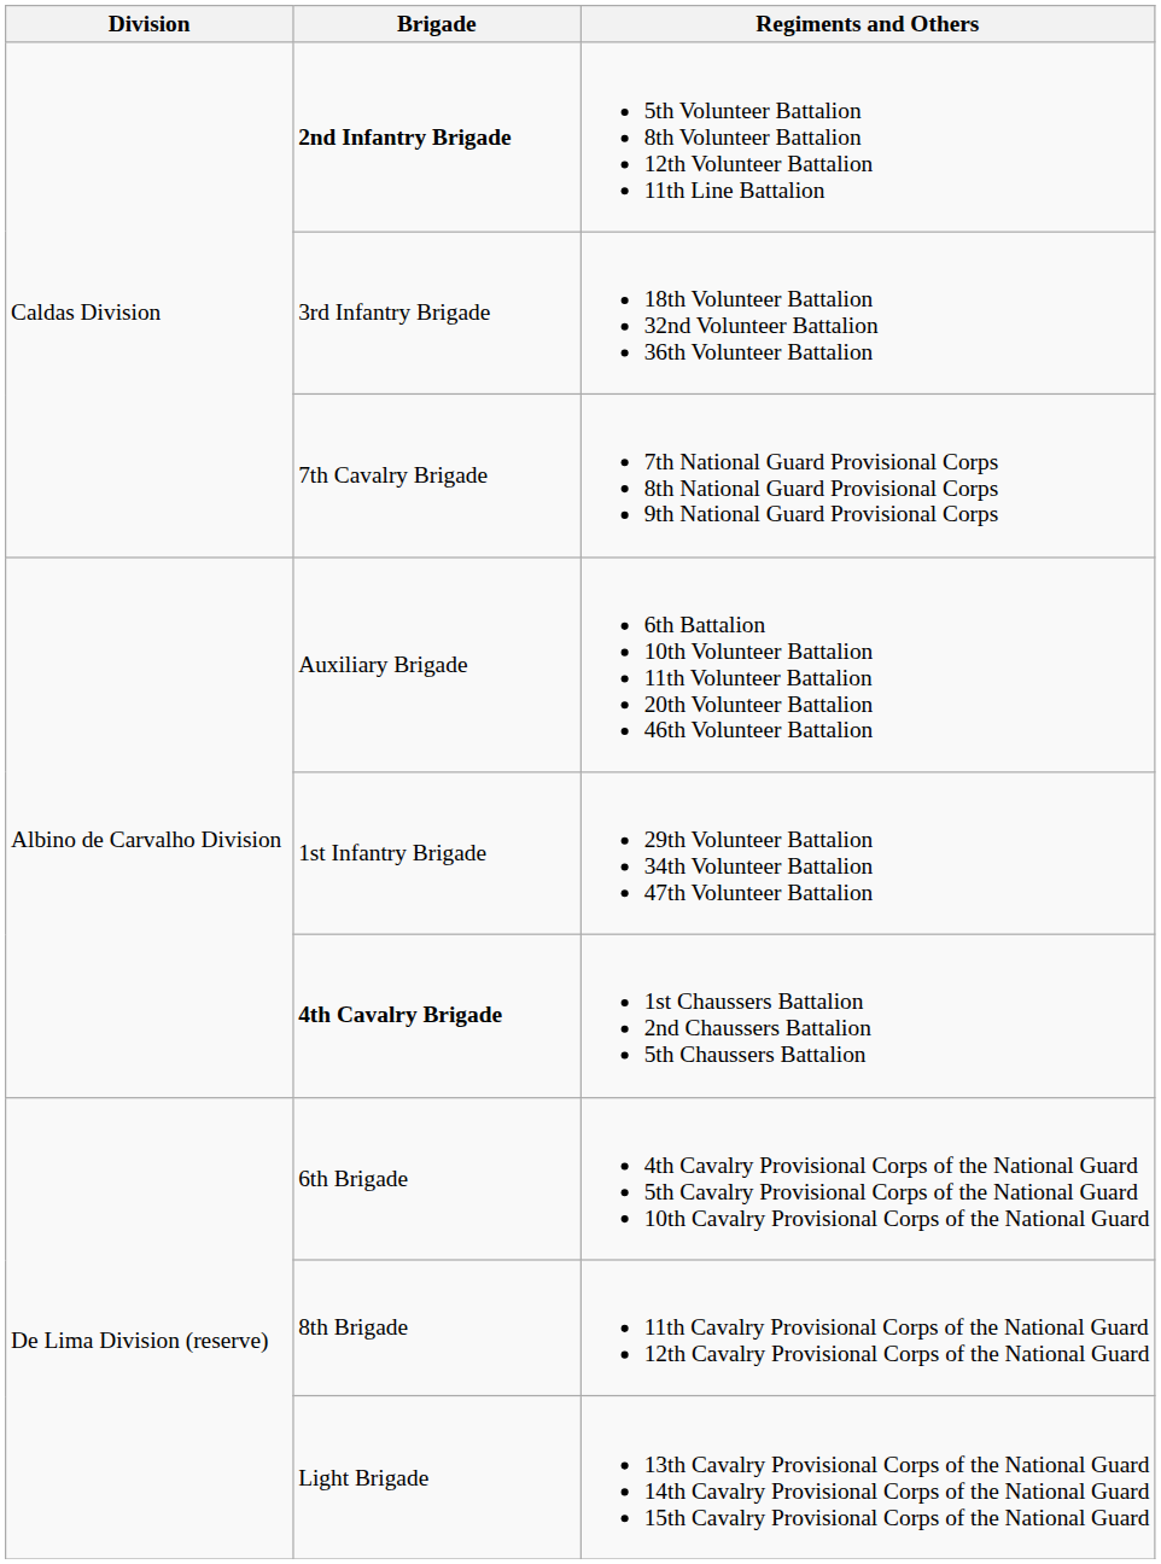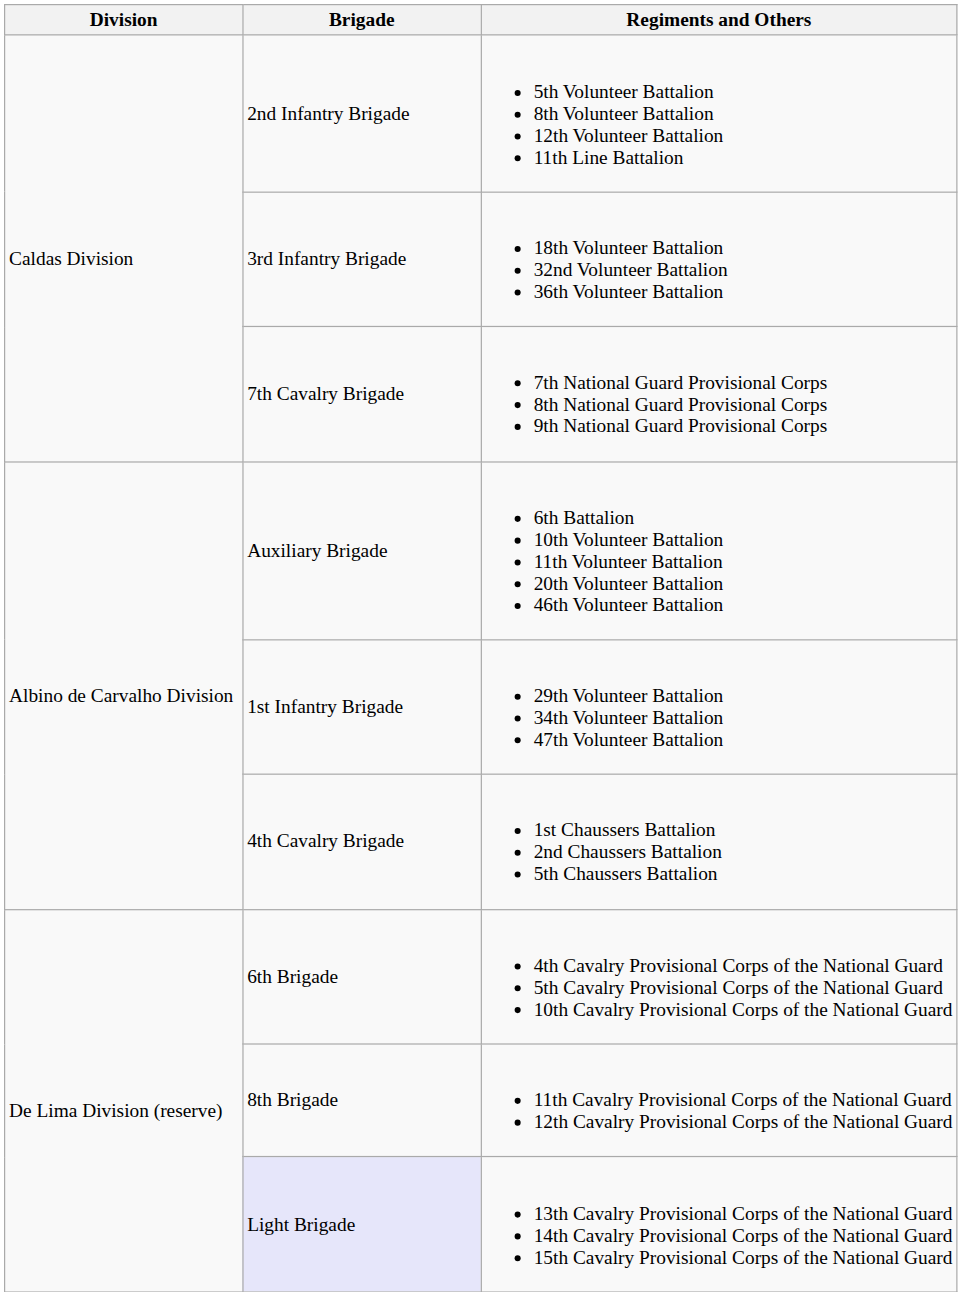 <table class="wikitable">
 <tr>
 <th style="width:25%;">Division</th>
 <th style="width:25%;">Brigade</th>
 <th>Regiments and Others</th>
 </tr>
 <tr>
 <td rowspan=3><br>Caldas Division</td>
-<td><strong>2nd Infantry Brigade</strong></td>
+<td>2nd Infantry Brigade</td>
 <td><br><ul><li>5th Volunteer Battalion</li><li>8th Volunteer Battalion</li><li>12th Volunteer Battalion</li><li>11th Line Battalion</li></ul></td>
 </tr>
 <tr>
 <td>3rd Infantry Brigade</td>
 <td><br><ul><li>18th Volunteer Battalion</li><li>32nd Volunteer Battalion</li><li>36th Volunteer Battalion</li></ul></td>
 </tr>
 <tr>
 <td>7th Cavalry Brigade</td>
 <td><br><ul><li>7th National Guard Provisional Corps</li><li>8th National Guard Provisional Corps</li><li>9th National Guard Provisional Corps</li></ul></td>
 </tr>
 <tr>
 <td rowspan=3><br>Albino de Carvalho Division</td>
 <td>Auxiliary Brigade</td>
 <td><br><ul><li>6th Battalion</li><li>10th Volunteer Battalion</li><li>11th Volunteer Battalion</li><li>20th Volunteer Battalion</li><li>46th Volunteer Battalion</li></ul></td>
 </tr>
 <tr>
 <td>1st Infantry Brigade</td>
 <td><br><ul><li>29th Volunteer Battalion</li><li>34th Volunteer Battalion</li><li>47th Volunteer Battalion</li></ul></td>
 </tr>
 <tr>
-<td><strong>4th Cavalry Brigade</strong></td>
+<td>4th Cavalry Brigade</td>
 <td><br><ul><li>1st Chaussers Battalion</li><li>2nd Chaussers Battalion</li><li>5th Chaussers Battalion</li></ul></td>
 </tr>
 <tr>
 <td rowspan=3><br>De Lima Division (reserve)</td>
 <td>6th Brigade</td>
 <td><br><ul><li>4th Cavalry Provisional Corps of the National Guard</li><li>5th Cavalry Provisional Corps of the National Guard</li><li>10th Cavalry Provisional Corps of the National Guard</li></ul></td>
 </tr>
 <tr>
 <td>8th Brigade</td>
 <td><br><ul><li>11th Cavalry Provisional Corps of the National Guard</li><li>12th Cavalry Provisional Corps of the National Guard</li></ul></td>
 </tr>
 <tr>
-<td>Light Brigade</td>
+<td style="background: lavender;">Light Brigade</td>
 <td><br><ul><li>13th Cavalry Provisional Corps of the National Guard</li><li>14th Cavalry Provisional Corps of the National Guard</li><li>15th Cavalry Provisional Corps of the National Guard</li></ul></td>
 </tr>
 </table>
